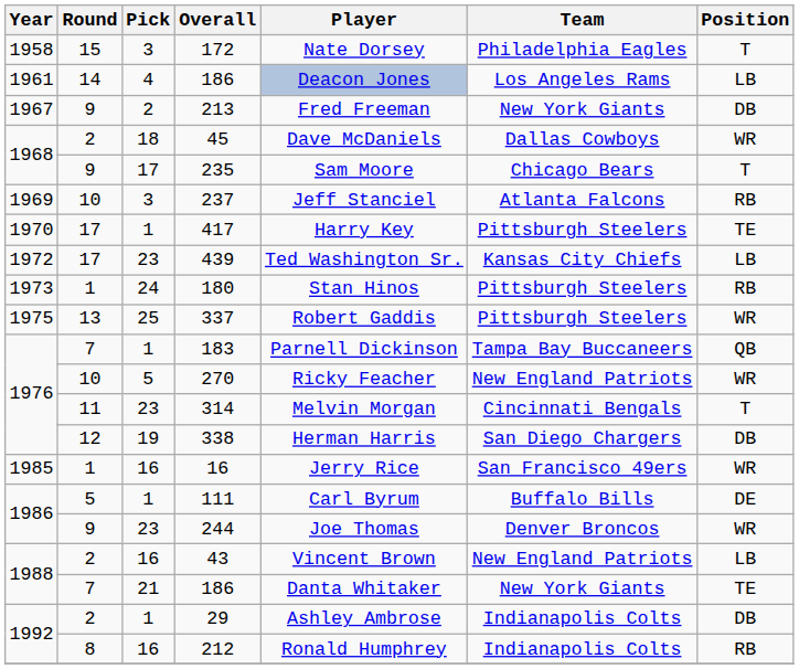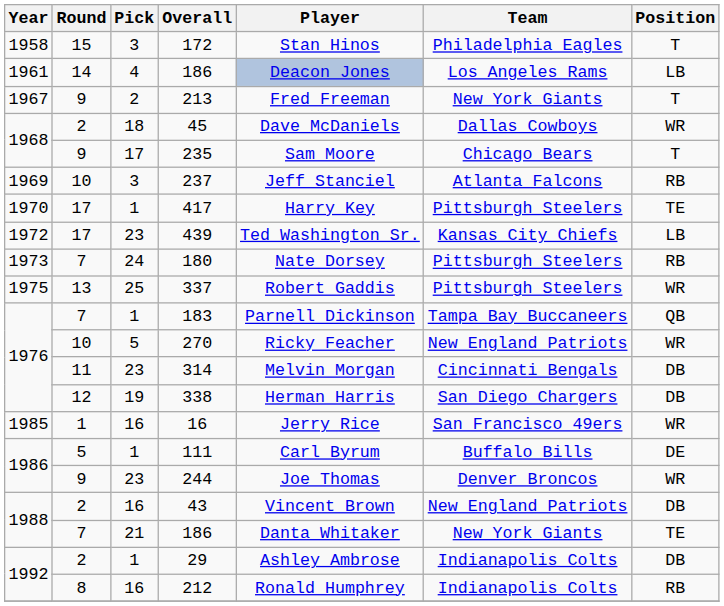 <table class="wikitable sortable" style="text-align: center;">
 <tr>
 <th>Year</th>
 <th>Round</th>
 <th>Pick</th>
 <th>Overall</th>
 <th>Player</th>
 <th>Team</th>
 <th>Position</th>
 </tr>
 <tr>
 <td>1958</td>
 <td>15</td>
 <td>3</td>
 <td>172</td>
-<td><a href='#'>Nate Dorsey</a></td>
+<td><a href='#'>Stan Hinos</a></td>
 <td><a href='#'>Philadelphia Eagles</a></td>
 <td>T</td>
 </tr>
 <tr>
 <td>1961</td>
 <td>14</td>
 <td>4</td>
 <td>186</td>
 <td style="background-color:lightsteelblue"><a href='#'>Deacon Jones</a></td>
 <td><a href='#'>Los Angeles Rams</a></td>
 <td>LB</td>
 </tr>
 <tr>
 <td>1967</td>
 <td>9</td>
 <td>2</td>
 <td>213</td>
 <td><a href='#'>Fred Freeman</a></td>
 <td><a href='#'>New York Giants</a></td>
-<td>DB</td>
+<td>T</td>
 </tr>
 <tr>
 <td rowspan="2">1968</td>
 <td>2</td>
 <td>18</td>
 <td>45</td>
 <td><a href='#'>Dave McDaniels</a></td>
 <td><a href='#'>Dallas Cowboys</a></td>
 <td>WR</td>
 </tr>
 <tr>
 <td>9</td>
 <td>17</td>
 <td>235</td>
 <td><a href='#'>Sam Moore</a></td>
 <td><a href='#'>Chicago Bears</a></td>
 <td>T</td>
 </tr>
 <tr>
 <td>1969</td>
 <td>10</td>
 <td>3</td>
 <td>237</td>
 <td><a href='#'>Jeff Stanciel</a></td>
 <td><a href='#'>Atlanta Falcons</a></td>
 <td>RB</td>
 </tr>
 <tr>
 <td>1970</td>
 <td>17</td>
 <td>1</td>
 <td>417</td>
 <td><a href='#'>Harry Key</a></td>
 <td><a href='#'>Pittsburgh Steelers</a></td>
 <td>TE</td>
 </tr>
 <tr>
 <td>1972</td>
 <td>17</td>
 <td>23</td>
 <td>439</td>
 <td><a href='#'>Ted Washington Sr.</a></td>
 <td><a href='#'>Kansas City Chiefs</a></td>
 <td>LB</td>
 </tr>
 <tr>
 <td>1973</td>
-<td>1</td>
+<td>7</td>
 <td>24</td>
 <td>180</td>
-<td><a href='#'>Stan Hinos</a></td>
+<td><a href='#'>Nate Dorsey</a></td>
 <td><a href='#'>Pittsburgh Steelers</a></td>
 <td>RB</td>
 </tr>
 <tr>
 <td>1975</td>
 <td>13</td>
 <td>25</td>
 <td>337</td>
 <td><a href='#'>Robert Gaddis</a></td>
 <td><a href='#'>Pittsburgh Steelers</a></td>
 <td>WR</td>
 </tr>
 <tr>
 <td rowspan="4">1976</td>
 <td>7</td>
 <td>1</td>
 <td>183</td>
 <td><a href='#'>Parnell Dickinson</a></td>
 <td><a href='#'>Tampa Bay Buccaneers</a></td>
 <td>QB</td>
 </tr>
 <tr>
 <td>10</td>
 <td>5</td>
 <td>270</td>
 <td><a href='#'>Ricky Feacher</a></td>
 <td><a href='#'>New England Patriots</a></td>
 <td>WR</td>
 </tr>
 <tr>
 <td>11</td>
 <td>23</td>
 <td>314</td>
 <td><a href='#'>Melvin Morgan</a></td>
 <td><a href='#'>Cincinnati Bengals</a></td>
-<td>T</td>
+<td>DB</td>
 </tr>
 <tr>
 <td>12</td>
 <td>19</td>
 <td>338</td>
 <td><a href='#'>Herman Harris</a></td>
 <td><a href='#'>San Diego Chargers</a></td>
 <td>DB</td>
 </tr>
 <tr>
 <td>1985</td>
 <td>1</td>
 <td>16</td>
 <td>16</td>
 <td><a href='#'>Jerry Rice</a></td>
 <td><a href='#'>San Francisco 49ers</a></td>
 <td>WR</td>
 </tr>
 <tr>
 <td rowspan="2">1986</td>
 <td>5</td>
 <td>1</td>
 <td>111</td>
 <td><a href='#'>Carl Byrum</a></td>
 <td><a href='#'>Buffalo Bills</a></td>
 <td>DE</td>
 </tr>
 <tr>
 <td>9</td>
 <td>23</td>
 <td>244</td>
 <td><a href='#'>Joe Thomas</a></td>
 <td><a href='#'>Denver Broncos</a></td>
 <td>WR</td>
 </tr>
 <tr>
 <td rowspan="2">1988</td>
 <td>2</td>
 <td>16</td>
 <td>43</td>
 <td><a href='#'>Vincent Brown</a></td>
 <td><a href='#'>New England Patriots</a></td>
-<td>LB</td>
+<td>DB</td>
 </tr>
 <tr>
 <td>7</td>
 <td>21</td>
 <td>186</td>
 <td><a href='#'>Danta Whitaker</a></td>
 <td><a href='#'>New York Giants</a></td>
 <td>TE</td>
 </tr>
 <tr>
 <td rowspan="2">1992</td>
 <td>2</td>
 <td>1</td>
 <td>29</td>
 <td><a href='#'>Ashley Ambrose</a></td>
 <td><a href='#'>Indianapolis Colts</a></td>
 <td>DB</td>
 </tr>
 <tr>
 <td>8</td>
 <td>16</td>
 <td>212</td>
 <td><a href='#'>Ronald Humphrey</a></td>
 <td><a href='#'>Indianapolis Colts</a></td>
 <td>RB</td>
 </tr>
 <tr>
 </tr>
 </table>
